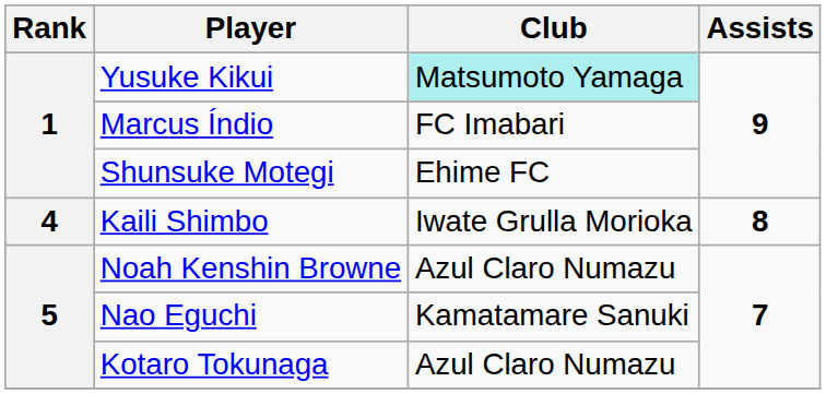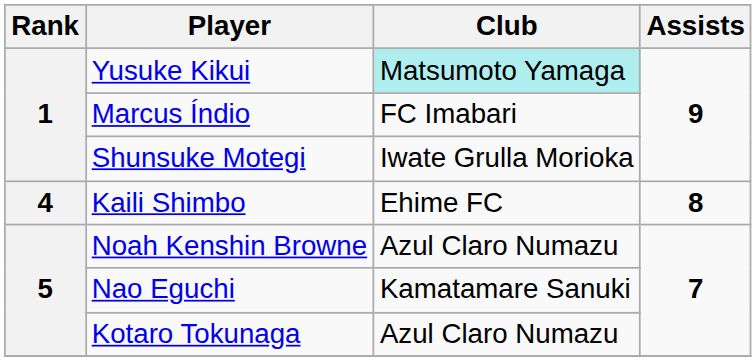 <table class="wikitable" style="text-align:center">
 <tr>
 <th>Rank</th>
 <th>Player</th>
 <th>Club</th>
 <th>Assists</th>
 </tr>
 <tr>
 <th rowspan="3">1</th>
 <td align="left"> <a href='#'>Yusuke Kikui</a></td>
 <td align="left" style="background: paleturquoise;">Matsumoto Yamaga</td>
 <td rowspan="3"><strong>9</strong></td>
 </tr>
 <tr>
 <td align="left"> <a href='#'>Marcus Índio</a></td>
 <td align="left">FC Imabari</td>
 </tr>
 <tr>
 <td align="left"> <a href='#'>Shunsuke Motegi</a></td>
-<td align="left">Ehime FC</td>
+<td align="left">Iwate Grulla Morioka</td>
 </tr>
 <tr>
 <th rowspan="1">4</th>
 <td align="left"> <a href='#'>Kaili Shimbo</a></td>
-<td align="left">Iwate Grulla Morioka</td>
+<td align="left">Ehime FC</td>
 <td rowspan="1"><strong>8</strong></td>
 </tr>
 <tr>
 <th rowspan="3">5</th>
 <td align="left"> <a href='#'>Noah Kenshin Browne</a></td>
 <td align="left">Azul Claro Numazu</td>
 <td rowspan="3"><strong>7</strong></td>
 </tr>
 <tr>
 <td align="left"> <a href='#'>Nao Eguchi</a></td>
 <td align="left">Kamatamare Sanuki</td>
 </tr>
 <tr>
 <td align="left"> <a href='#'>Kotaro Tokunaga</a></td>
 <td align="left">Azul Claro Numazu</td>
 </tr>
 <tr>
 </tr>
 </table>
